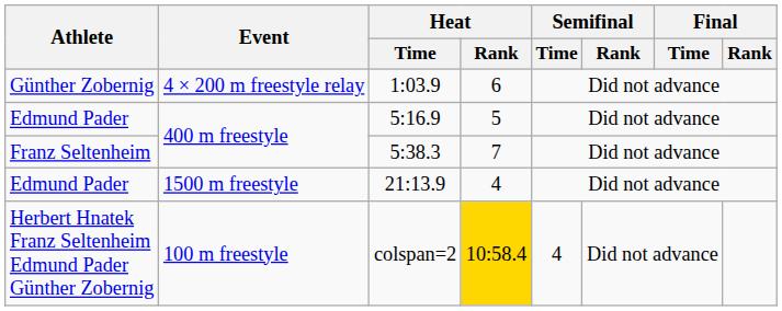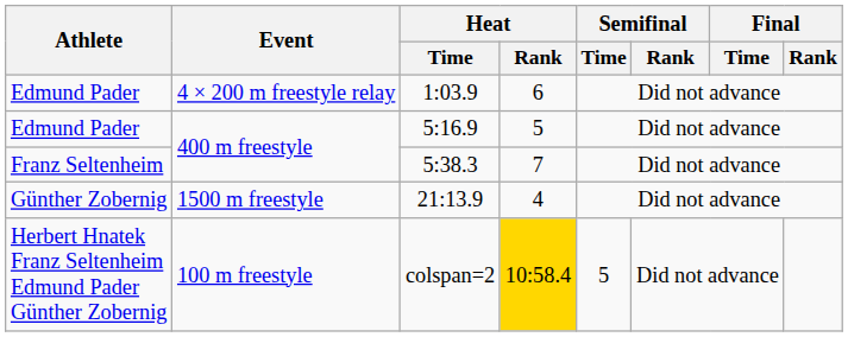 <table class=wikitable style="font-size:90%;">
 <tr>
 <th rowspan=2>Athlete</th>
 <th rowspan=2>Event</th>
 <th colspan=2>Heat</th>
 <th colspan=2>Semifinal</th>
 <th colspan=2>Final</th>
 </tr>
 <tr style="font-size:95%">
 <th>Time</th>
 <th>Rank</th>
 <th>Time</th>
 <th>Rank</th>
 <th>Time</th>
 <th>Rank</th>
 </tr>
 <tr align=center>
-<td align=left><a href='#'>Günther Zobernig</a></td>
+<td align=left><a href='#'>Edmund Pader</a></td>
 <td align=left><a href='#'>4 × 200 m freestyle relay</a></td>
 <td>1:03.9</td>
 <td>6</td>
 <td colspan=4>Did not advance</td>
 </tr>
 <tr align=center>
 <td align=left><a href='#'>Edmund Pader</a></td>
 <td rowspan=2 align=left><a href='#'>400 m freestyle</a></td>
 <td>5:16.9</td>
 <td>5</td>
 <td colspan=4>Did not advance</td>
 </tr>
 <tr align=center>
 <td align=left><a href='#'>Franz Seltenheim</a></td>
 <td>5:38.3</td>
 <td>7</td>
 <td colspan=4>Did not advance</td>
 </tr>
 <tr align=center>
-<td align=left><a href='#'>Edmund Pader</a></td>
+<td align=left><a href='#'>Günther Zobernig</a></td>
 <td align=left><a href='#'>1500 m freestyle</a></td>
 <td>21:13.9</td>
 <td>4</td>
 <td colspan=4>Did not advance</td>
 </tr>
 <tr align=center>
 <td align=left><a href='#'>Herbert Hnatek</a><br><a href='#'>Franz Seltenheim</a><br><a href='#'>Edmund Pader</a><br><a href='#'>Günther Zobernig</a></td>
 <td align=left><a href='#'>100 m freestyle</a></td>
 <td>colspan=2 </td>
 <td style="background: gold;">10:58.4</td>
-<td>4</td>
+<td>5</td>
 <td colspan=2>Did not advance</td>
 </tr>
 </table>
